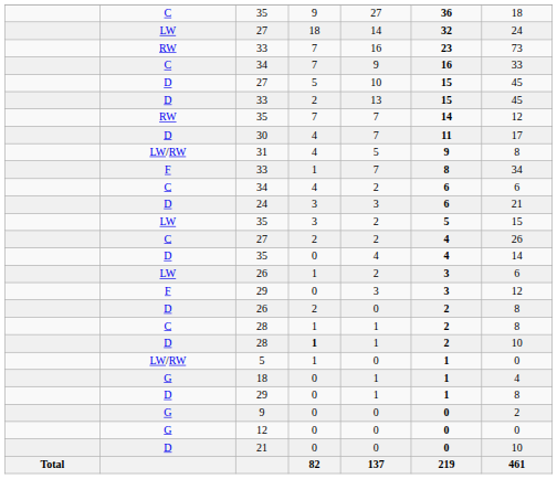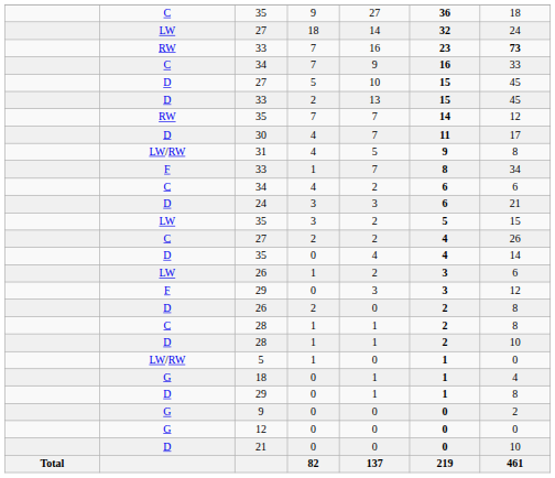 <table class="wikitable sortable" width="800">
 <tr align="center">
 </tr>
 <tr align="center" bgcolor="">
 <td></td>
 <td><a href='#'>C</a></td>
 <td>35</td>
 <td>9</td>
 <td>27</td>
 <td><strong>36</strong></td>
 <td>18</td>
 </tr>
 <tr align="center" bgcolor="f0f0f0">
 <td></td>
 <td><a href='#'>LW</a></td>
 <td>27</td>
 <td>18</td>
 <td>14</td>
 <td><strong>32</strong></td>
 <td>24</td>
 </tr>
 <tr align="center" bgcolor="">
 <td></td>
 <td><a href='#'>RW</a></td>
 <td>33</td>
 <td>7</td>
 <td>16</td>
 <td><strong>23</strong></td>
-<td>73</td>
+<td><strong>73</strong></td>
 </tr>
 <tr align="center" bgcolor="f0f0f0">
 <td></td>
 <td><a href='#'>C</a></td>
 <td>34</td>
 <td>7</td>
 <td>9</td>
 <td><strong>16</strong></td>
 <td>33</td>
 </tr>
 <tr align="center" bgcolor="">
 <td></td>
 <td><a href='#'>D</a></td>
 <td>27</td>
 <td>5</td>
 <td>10</td>
 <td><strong>15</strong></td>
 <td>45</td>
 </tr>
 <tr align="center" bgcolor="f0f0f0">
 <td></td>
 <td><a href='#'>D</a></td>
 <td>33</td>
 <td>2</td>
 <td>13</td>
 <td><strong>15</strong></td>
 <td>45</td>
 </tr>
 <tr align="center" bgcolor="">
 <td></td>
 <td><a href='#'>RW</a></td>
 <td>35</td>
 <td>7</td>
 <td>7</td>
 <td><strong>14</strong></td>
 <td>12</td>
 </tr>
 <tr align="center" bgcolor="f0f0f0">
 <td></td>
 <td><a href='#'>D</a></td>
 <td>30</td>
 <td>4</td>
 <td>7</td>
 <td><strong>11</strong></td>
 <td>17</td>
 </tr>
 <tr align="center" bgcolor="">
 <td></td>
 <td><a href='#'>LW</a>/<a href='#'>RW</a></td>
 <td>31</td>
 <td>4</td>
 <td>5</td>
 <td><strong>9</strong></td>
 <td>8</td>
 </tr>
 <tr align="center" bgcolor="f0f0f0">
 <td></td>
 <td><a href='#'>F</a></td>
 <td>33</td>
 <td>1</td>
 <td>7</td>
 <td><strong>8</strong></td>
 <td>34</td>
 </tr>
 <tr align="center" bgcolor="">
 <td></td>
 <td><a href='#'>C</a></td>
 <td>34</td>
 <td>4</td>
 <td>2</td>
 <td><strong>6</strong></td>
 <td>6</td>
 </tr>
 <tr align="center" bgcolor="f0f0f0">
 <td></td>
 <td><a href='#'>D</a></td>
 <td>24</td>
 <td>3</td>
 <td>3</td>
 <td><strong>6</strong></td>
 <td>21</td>
 </tr>
 <tr align="center" bgcolor="">
 <td></td>
 <td><a href='#'>LW</a></td>
 <td>35</td>
 <td>3</td>
 <td>2</td>
 <td><strong>5</strong></td>
 <td>15</td>
 </tr>
 <tr align="center" bgcolor="f0f0f0">
 <td></td>
 <td><a href='#'>C</a></td>
 <td>27</td>
 <td>2</td>
 <td>2</td>
 <td><strong>4</strong></td>
 <td>26</td>
 </tr>
 <tr align="center" bgcolor="">
 <td></td>
 <td><a href='#'>D</a></td>
 <td>35</td>
 <td>0</td>
 <td>4</td>
 <td><strong>4</strong></td>
 <td>14</td>
 </tr>
 <tr align="center" bgcolor="f0f0f0">
 <td></td>
 <td><a href='#'>LW</a></td>
 <td>26</td>
 <td>1</td>
 <td>2</td>
 <td><strong>3</strong></td>
 <td>6</td>
 </tr>
 <tr align="center" bgcolor="">
 <td></td>
 <td><a href='#'>F</a></td>
 <td>29</td>
 <td>0</td>
 <td>3</td>
 <td><strong>3</strong></td>
 <td>12</td>
 </tr>
 <tr align="center" bgcolor="f0f0f0">
 <td></td>
 <td><a href='#'>D</a></td>
 <td>26</td>
 <td>2</td>
 <td>0</td>
 <td><strong>2</strong></td>
 <td>8</td>
 </tr>
 <tr align="center" bgcolor="">
 <td></td>
 <td><a href='#'>C</a></td>
 <td>28</td>
 <td>1</td>
 <td>1</td>
 <td><strong>2</strong></td>
 <td>8</td>
 </tr>
 <tr align="center" bgcolor="f0f0f0">
 <td></td>
 <td><a href='#'>D</a></td>
 <td>28</td>
-<td><strong>1</strong></td>
+<td>1</td>
 <td>1</td>
 <td><strong>2</strong></td>
 <td>10</td>
 </tr>
 <tr align="center" bgcolor="">
 <td></td>
 <td><a href='#'>LW</a>/<a href='#'>RW</a></td>
 <td>5</td>
 <td>1</td>
 <td>0</td>
 <td><strong>1</strong></td>
 <td>0</td>
 </tr>
 <tr align="center" bgcolor="f0f0f0">
 <td></td>
 <td><a href='#'>G</a></td>
 <td>18</td>
 <td>0</td>
 <td>1</td>
 <td><strong>1</strong></td>
 <td>4</td>
 </tr>
 <tr align="center" bgcolor="">
 <td></td>
 <td><a href='#'>D</a></td>
 <td>29</td>
 <td>0</td>
 <td>1</td>
 <td><strong>1</strong></td>
 <td>8</td>
 </tr>
 <tr align="center" bgcolor="f0f0f0">
 <td></td>
 <td><a href='#'>G</a></td>
 <td>9</td>
 <td>0</td>
 <td>0</td>
 <td><strong>0</strong></td>
 <td>2</td>
 </tr>
 <tr align="center" bgcolor="">
 <td></td>
 <td><a href='#'>G</a></td>
 <td>12</td>
 <td>0</td>
 <td>0</td>
 <td><strong>0</strong></td>
 <td>0</td>
 </tr>
 <tr align="center" bgcolor="f0f0f0">
 <td></td>
 <td><a href='#'>D</a></td>
 <td>21</td>
 <td>0</td>
 <td>0</td>
 <td><strong>0</strong></td>
 <td>10</td>
 </tr>
 <tr>
 <th>Total</th>
 <th></th>
 <th></th>
 <th>82</th>
 <th>137</th>
 <th>219</th>
 <th>461</th>
 </tr>
 </table>
